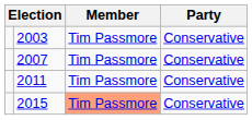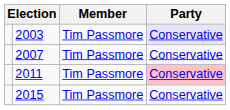 <table class="wikitable">
 <tr>
 <th colspan="2">Election</th>
 <th>Member</th>
 <th>Party</th>
 </tr>
 <tr>
 <td style="background-color: "></td>
 <td><a href='#'>2003</a></td>
 <td><a href='#'>Tim Passmore</a></td>
-<td><a href='#'>Conservative</a></td>
+<td style="background: lavender;"><a href='#'>Conservative</a></td>
 </tr>
 <tr>
 <td style="background-color: "></td>
 <td><a href='#'>2007</a></td>
 <td><a href='#'>Tim Passmore</a></td>
 <td><a href='#'>Conservative</a></td>
 </tr>
 <tr>
 <td style="background-color: "></td>
 <td><a href='#'>2011</a></td>
 <td><a href='#'>Tim Passmore</a></td>
-<td><a href='#'>Conservative</a></td>
+<td style="background: pink;"><a href='#'>Conservative</a></td>
 </tr>
 <tr>
 <td style="background-color: "></td>
 <td><a href='#'>2015</a></td>
-<td style="background: lightsalmon;"><a href='#'>Tim Passmore</a></td>
+<td><a href='#'>Tim Passmore</a></td>
 <td><a href='#'>Conservative</a></td>
 </tr>
 </table>
